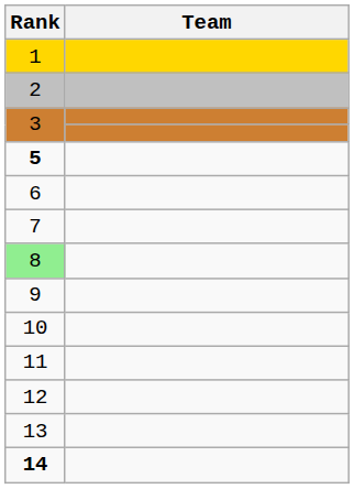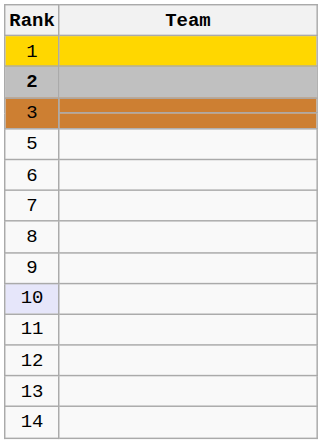 <table class="wikitable">
 <tr>
 <th>Rank</th>
 <th width=170>Team</th>
 </tr>
 <tr bgcolor=gold>
 <td align=center>1</td>
 <td></td>
 </tr>
 <tr bgcolor=silver>
-<td align=center>2</td>
+<td align=center><strong>2</strong></td>
 <td></td>
 </tr>
 <tr bgcolor=CD7F32>
 <td rowspan=2 align=center>3</td>
 <td></td>
 </tr>
 <tr bgcolor=CD7F32>
 <td></td>
 </tr>
 <tr>
-<td align=center><strong>5</strong></td>
+<td align=center>5</td>
 <td></td>
 </tr>
 <tr>
 <td align=center>6</td>
 <td></td>
 </tr>
 <tr>
 <td align=center>7</td>
 <td></td>
 </tr>
 <tr>
-<td align=center style="background: lightgreen;">8</td>
+<td align=center>8</td>
 <td></td>
 </tr>
 <tr>
 <td align=center>9</td>
 <td></td>
 </tr>
 <tr>
-<td align=center>10</td>
+<td align=center style="background: lavender;">10</td>
 <td></td>
 </tr>
 <tr>
 <td align=center>11</td>
 <td></td>
 </tr>
 <tr>
 <td align=center>12</td>
 <td></td>
 </tr>
 <tr>
 <td align=center>13</td>
 <td></td>
 </tr>
 <tr>
-<td align=center><strong>14</strong></td>
+<td align=center>14</td>
 <td></td>
 </tr>
 </table>
